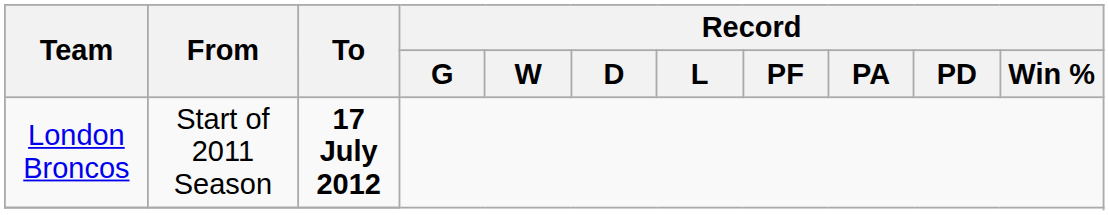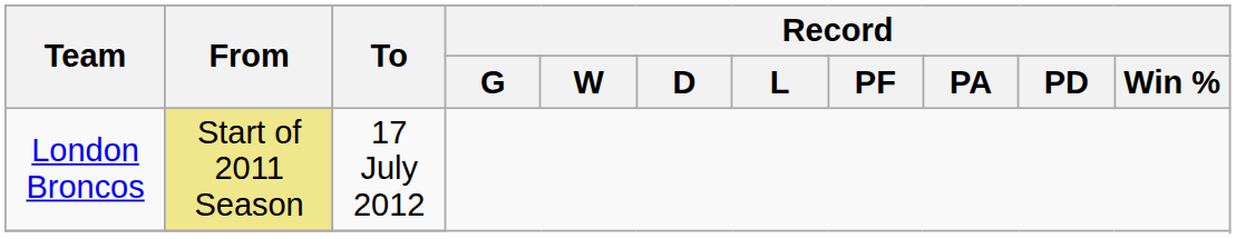 <table class="wikitable" style="text-align: center">
 <tr>
 <th rowspan="2">Team</th>
 <th rowspan="2">From</th>
 <th rowspan="2">To</th>
 <th colspan="40">Record</th>
 </tr>
 <tr>
 <th width=40>G</th>
 <th width=40>W</th>
 <th width=40>D</th>
 <th width=40>L</th>
 <th width=40>PF</th>
 <th width=40>PA</th>
 <th width=40>PD</th>
 <th width=50>Win %</th>
 </tr>
 <tr>
 <td><a href='#'>London Broncos</a></td>
-<td>Start of 2011 Season</td>
-<td><strong>17 July 2012<br></strong></td>
+<td style="background: khaki;">Start of 2011 Season</td>
+<td>17 July 2012<br></td>
 </tr>
 <tr>
 </tr>
 </table>
